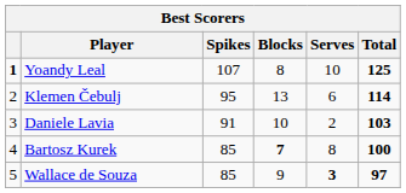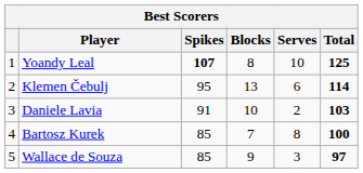 <table class="wikitable sortable" style=font-size:90%>
 <tr>
 <th colspan=6>Best Scorers</th>
 </tr>
 <tr>
 <th></th>
 <th width=158>Player</th>
 <th width=20>Spikes</th>
 <th width=20>Blocks</th>
 <th width=20>Serves</th>
 <th width=20>Total</th>
 </tr>
 <tr>
-<td align=center><strong>1</strong></td>
+<td align=center>1</td>
 <td> <a href='#'>Yoandy Leal</a></td>
-<td align=center>107</td>
+<td align=center><strong>107</strong></td>
 <td align=center>8</td>
 <td align=center>10</td>
 <td align=center><strong>125</strong></td>
 </tr>
 <tr>
 <td align=center>2</td>
 <td> <a href='#'>Klemen Čebulj</a></td>
 <td align=center>95</td>
 <td align=center>13</td>
 <td align=center>6</td>
 <td align=center><strong>114</strong></td>
 </tr>
 <tr>
 <td align=center>3</td>
 <td> <a href='#'>Daniele Lavia</a></td>
 <td align=center>91</td>
 <td align=center>10</td>
 <td align=center>2</td>
 <td align=center><strong>103</strong></td>
 </tr>
 <tr>
 <td align=center>4</td>
 <td> <a href='#'>Bartosz Kurek</a></td>
 <td align=center>85</td>
-<td align=center><strong>7</strong></td>
+<td align=center>7</td>
 <td align=center>8</td>
 <td align=center><strong>100</strong></td>
 </tr>
 <tr>
 <td align=center>5</td>
 <td> <a href='#'>Wallace de Souza</a></td>
 <td align=center>85</td>
 <td align=center>9</td>
-<td align=center><strong>3</strong></td>
+<td align=center>3</td>
 <td align=center><strong>97</strong></td>
 </tr>
 </table>
